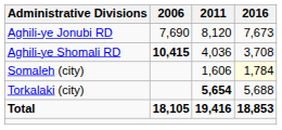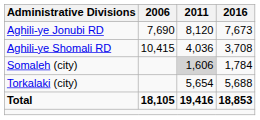 <table class="wikitable">
 <tr>
 <th>Administrative Divisions</th>
 <th>2006</th>
 <th>2011</th>
 <th>2016</th>
 </tr>
 <tr>
 <td><a href='#'>Aghili-ye Jonubi RD</a></td>
 <td style="text-align: right;">7,690</td>
 <td style="text-align: right;">8,120</td>
 <td style="text-align: right;">7,673</td>
 </tr>
 <tr>
 <td><a href='#'>Aghili-ye Shomali RD</a></td>
-<td style="text-align: right;"><strong>10,415</strong></td>
+<td style="text-align: right;">10,415</td>
 <td style="text-align: right;">4,036</td>
 <td style="text-align: right;">3,708</td>
 </tr>
 <tr>
 <td><a href='#'>Somaleh</a> (city)</td>
 <td style="text-align: right;"></td>
-<td style="text-align: right;">1,606</td>
-<td style="background: lightyellow; text-align: right;">1,784</td>
+<td style="background: lightgrey; text-align: right;">1,606</td>
+<td style="text-align: right;">1,784</td>
 </tr>
 <tr>
 <td><a href='#'>Torkalaki</a> (city)</td>
 <td style="text-align: right;"></td>
-<td style="text-align: right;"><strong>5,654</strong></td>
+<td style="text-align: right;">5,654</td>
 <td style="text-align: right;">5,688</td>
 </tr>
 <tr>
 <td><strong>Total</strong></td>
 <td style="text-align: right;"><strong>18,105</strong></td>
 <td style="text-align: right;"><strong>19,416</strong></td>
 <td style="text-align: right;"><strong>18,853</strong></td>
 </tr>
 <tr>
 <td colspan=4></td>
 </tr>
 </table>
